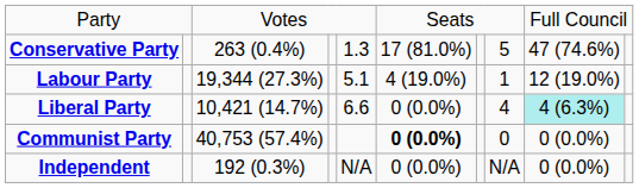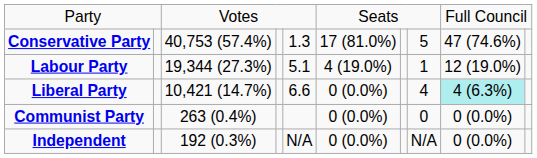 <table class=wikitable style="text-align:center;">
 <tr>
 <td colspan=2>Party</td>
 <td colspan=3>Votes</td>
 <td colspan=3>Seats</td>
 <td colspan=3>Full Council</td>
 </tr>
 <tr>
 <td><strong><a href='#'>Conservative Party</a></strong></td>
 <td style="background:"></td>
-<td>263 (0.4%)</td>
+<td>40,753 (57.4%)</td>
 <td></td>
 <td> 1.3</td>
 <td>17 (81.0%)</td>
 <td></td>
 <td> 5</td>
 <td>47 (74.6%)</td>
 <td></td>
 </tr>
 <tr>
 <td><strong><a href='#'>Labour Party</a></strong></td>
 <td style="background:"></td>
 <td>19,344 (27.3%)</td>
 <td></td>
 <td> 5.1</td>
 <td>4 (19.0%)</td>
 <td></td>
 <td> 1</td>
 <td>12 (19.0%)</td>
 <td></td>
 </tr>
 <tr>
 <td><strong><a href='#'>Liberal Party</a></strong></td>
 <td style="background:"></td>
 <td>10,421 (14.7%)</td>
 <td></td>
 <td> 6.6</td>
 <td>0  (0.0%)</td>
 <td></td>
 <td> 4</td>
 <td style="background: paleturquoise;">4 (6.3%)</td>
 <td></td>
 </tr>
 <tr>
 <td><strong><a href='#'>Communist Party</a></strong></td>
 <td style="background:"></td>
-<td>40,753 (57.4%)</td>
+<td>263 (0.4%)</td>
 <td></td>
 <td></td>
-<td><strong>0  (0.0%)</strong></td>
+<td>0  (0.0%)</td>
 <td></td>
 <td> 0</td>
 <td>0 (0.0%)</td>
 <td></td>
 </tr>
 <tr>
 <td><strong><a href='#'>Independent</a></strong></td>
 <td style="background:"></td>
 <td>192 (0.3%)</td>
 <td></td>
 <td>N/A</td>
 <td>0  (0.0%)</td>
 <td></td>
 <td>N/A</td>
 <td>0 (0.0%)</td>
 <td></td>
 </tr>
 </table>
